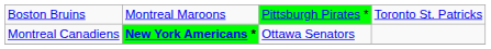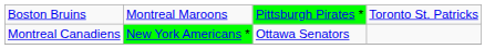 <table class="wikitable">
 <tr>
 <td><a href='#'>Boston Bruins</a></td>
 <td><a href='#'>Montreal Maroons</a></td>
 <td style="background-color:#00FF00;"><a href='#'>Pittsburgh Pirates</a> *</td>
 <td><a href='#'>Toronto St. Patricks</a></td>
 </tr>
 <tr>
 <td><a href='#'>Montreal Canadiens</a></td>
-<td style="background-color:#00FF00;"><strong><a href='#'>New York Americans</a> *</strong></td>
+<td style="background-color:#00FF00;"><a href='#'>New York Americans</a> *</td>
 <td><a href='#'>Ottawa Senators</a></td>
 <td> </td>
 </tr>
 <tr>
 </tr>
 </table>
